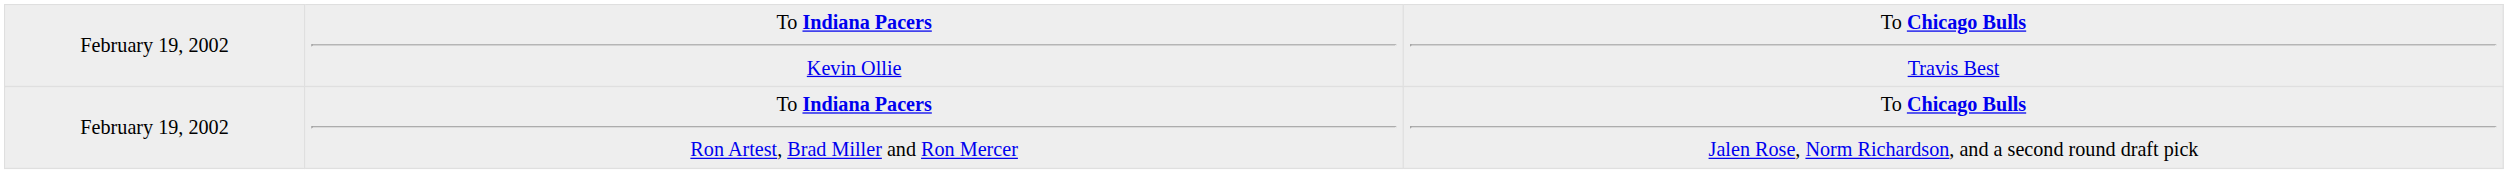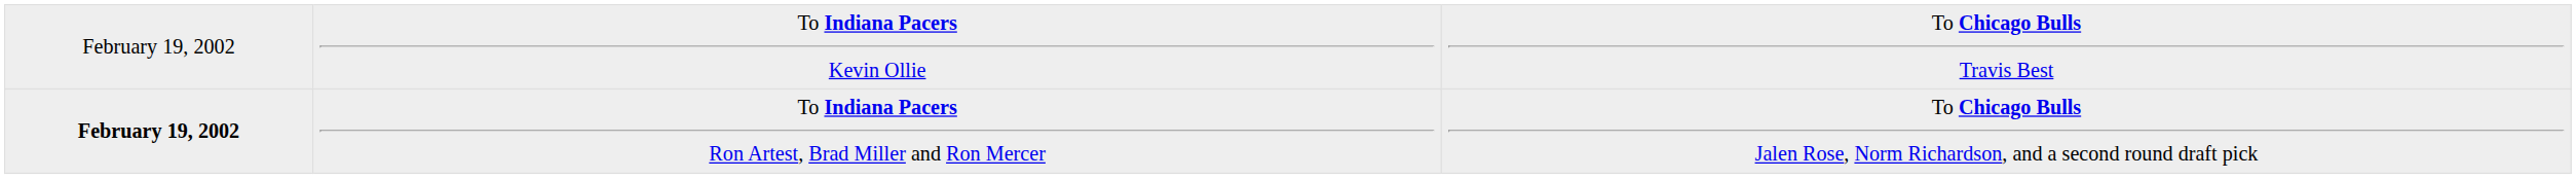 <table border=1 style="border-collapse:collapse; text-align: center; width: 100%" bordercolor="#DFDFDF"  cellpadding="5">
 <tr bgcolor="eeeeee">
 <td style="width:12%">February 19, 2002</td>
 <td style="width:44%" valign="top">To <strong><a href='#'>Indiana Pacers</a></strong><hr><a href='#'>Kevin Ollie</a></td>
 <td style="width:44%" valign="top">To <strong><a href='#'>Chicago Bulls</a></strong><hr> <a href='#'>Travis Best</a></td>
 </tr>
 <tr>
 </tr>
 <tr bgcolor="eeeeee">
-<td style="width:12%">February 19, 2002</td>
+<td style="width:12%"><strong>February 19, 2002</strong></td>
 <td style="width:44%" valign="top">To <strong><a href='#'>Indiana Pacers</a></strong><hr><a href='#'>Ron Artest</a>, <a href='#'>Brad Miller</a> and <a href='#'>Ron Mercer</a></td>
 <td style="width:44%" valign="top">To <strong><a href='#'>Chicago Bulls</a></strong><hr><a href='#'>Jalen Rose</a>, <a href='#'>Norm Richardson</a>, and a second round draft pick</td>
 </tr>
 </table>
